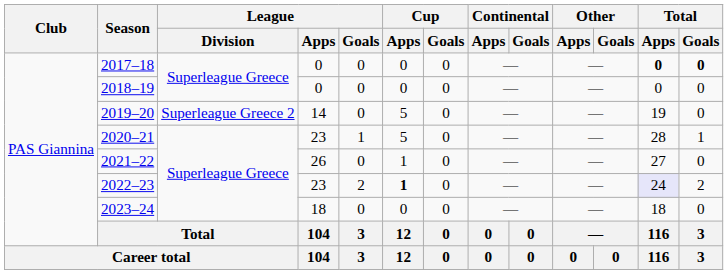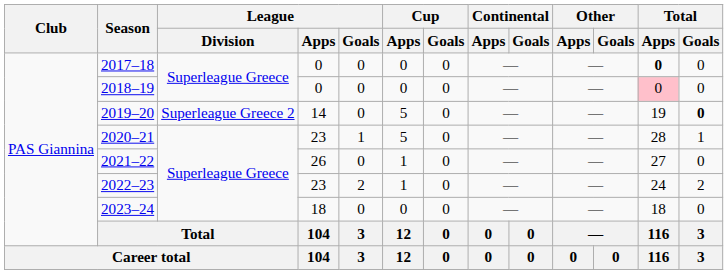 <table class="wikitable" style="text-align: center">
 <tr>
 <th rowspan="2">Club</th>
 <th rowspan="2">Season</th>
 <th colspan="3">League</th>
 <th colspan="2">Cup</th>
 <th colspan="2">Continental</th>
 <th colspan="2">Other</th>
 <th colspan="2">Total</th>
 </tr>
 <tr>
 <th>Division</th>
 <th>Apps</th>
 <th>Goals</th>
 <th>Apps</th>
 <th>Goals</th>
 <th>Apps</th>
 <th>Goals</th>
 <th>Apps</th>
 <th>Goals</th>
 <th>Apps</th>
 <th>Goals</th>
 </tr>
 <tr>
 <td rowspan="8"><a href='#'>PAS Giannina</a></td>
 <td><a href='#'>2017–18</a></td>
 <td rowspan="2"><a href='#'>Superleague Greece</a></td>
 <td>0</td>
 <td>0</td>
 <td>0</td>
 <td>0</td>
 <td colspan="2">—</td>
 <td colspan="2">—</td>
 <td><strong>0</strong></td>
-<td><strong>0</strong></td>
+<td>0</td>
 </tr>
 <tr>
 <td><a href='#'>2018–19</a></td>
 <td>0</td>
 <td>0</td>
 <td>0</td>
 <td>0</td>
 <td colspan="2">—</td>
 <td colspan="2">—</td>
-<td>0</td>
+<td style="background: pink;">0</td>
 <td>0</td>
 </tr>
 <tr>
 <td><a href='#'>2019–20</a></td>
 <td><a href='#'>Superleague Greece 2</a></td>
 <td>14</td>
 <td>0</td>
 <td>5</td>
 <td>0</td>
 <td colspan="2">—</td>
 <td colspan="2">—</td>
 <td>19</td>
-<td>0</td>
+<td><strong>0</strong></td>
 </tr>
 <tr>
 <td><a href='#'>2020–21</a></td>
 <td rowspan="4"><a href='#'>Superleague Greece</a></td>
 <td>23</td>
 <td>1</td>
 <td>5</td>
 <td>0</td>
 <td colspan="2">—</td>
 <td colspan="2">—</td>
 <td>28</td>
 <td>1</td>
 </tr>
 <tr>
 <td><a href='#'>2021–22</a></td>
 <td>26</td>
 <td>0</td>
 <td>1</td>
 <td>0</td>
 <td colspan="2">—</td>
 <td colspan="2">—</td>
 <td>27</td>
 <td>0</td>
 </tr>
 <tr>
 <td><a href='#'>2022–23</a></td>
 <td>23</td>
 <td>2</td>
-<td><strong>1</strong></td>
+<td>1</td>
 <td>0</td>
 <td colspan="2">—</td>
 <td colspan="2">—</td>
-<td style="background: lavender;">24</td>
+<td>24</td>
 <td>2</td>
 </tr>
 <tr>
 <td><a href='#'>2023–24</a></td>
 <td>18</td>
 <td>0</td>
 <td>0</td>
 <td>0</td>
 <td colspan="2">—</td>
 <td colspan="2">—</td>
 <td>18</td>
 <td>0</td>
 </tr>
 <tr>
 <th colspan="2">Total</th>
 <th>104</th>
 <th>3</th>
 <th>12</th>
 <th>0</th>
 <th>0</th>
 <th>0</th>
 <th colspan="2">—</th>
 <th>116</th>
 <th>3</th>
 </tr>
 <tr>
 <th colspan="3">Career total</th>
 <th>104</th>
 <th>3</th>
 <th>12</th>
 <th>0</th>
 <th>0</th>
 <th>0</th>
 <th>0</th>
 <th>0</th>
 <th>116</th>
 <th>3</th>
 </tr>
 </table>
